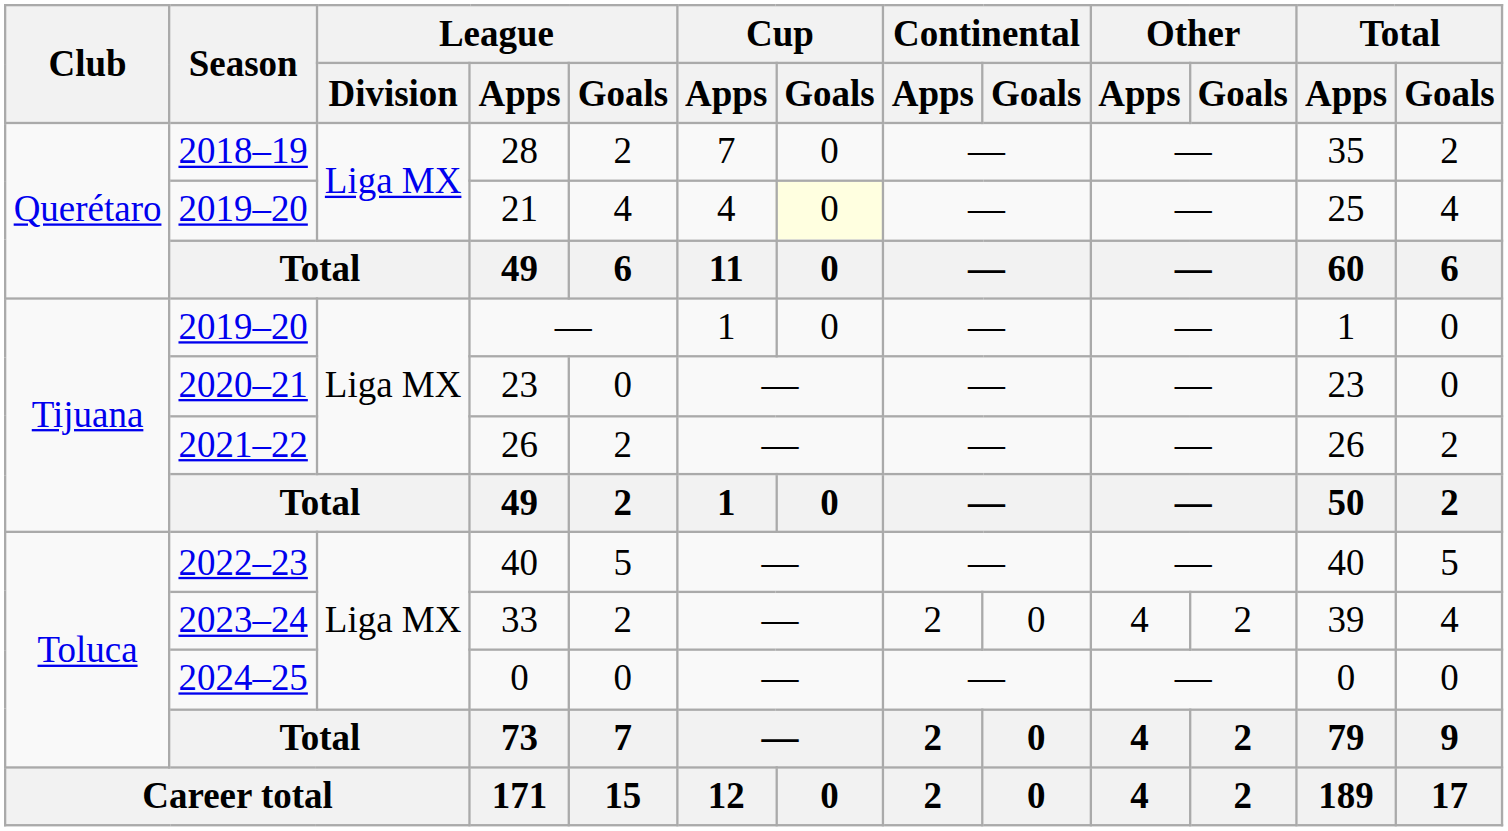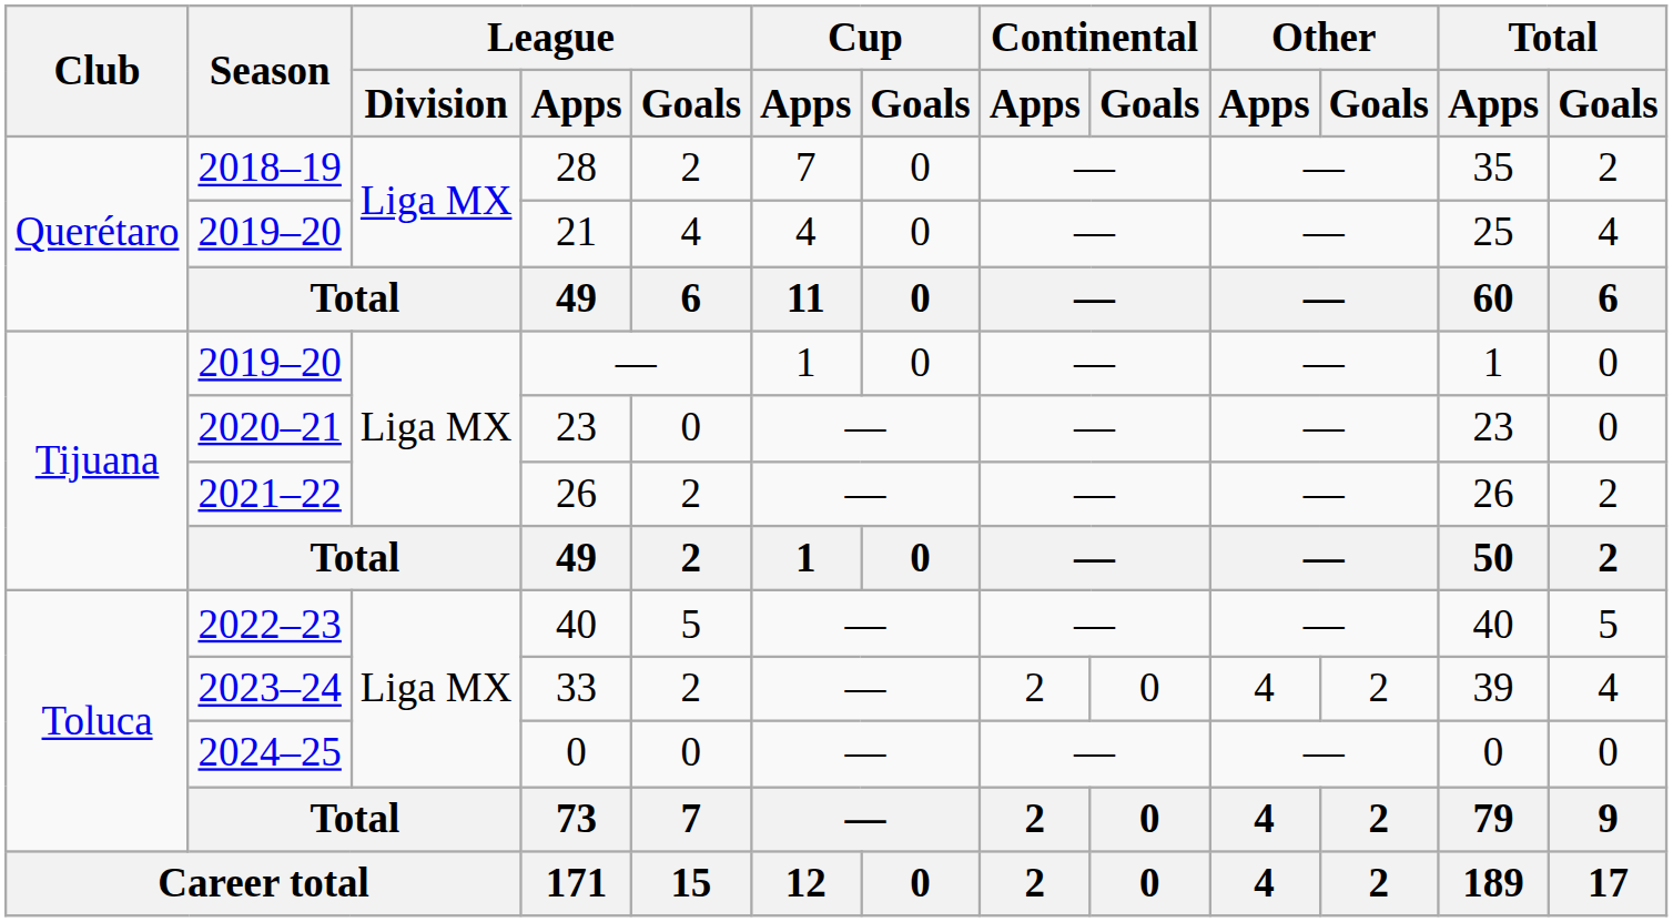 <table class="wikitable" style="text-align:center">
 <tr>
 <th rowspan="2">Club</th>
 <th rowspan="2">Season</th>
 <th colspan="3">League</th>
 <th colspan="2">Cup</th>
 <th colspan="2">Continental</th>
 <th colspan="2">Other</th>
 <th colspan="2">Total</th>
 </tr>
 <tr>
 <th>Division</th>
 <th>Apps</th>
 <th>Goals</th>
 <th>Apps</th>
 <th>Goals</th>
 <th>Apps</th>
 <th>Goals</th>
 <th>Apps</th>
 <th>Goals</th>
 <th>Apps</th>
 <th>Goals</th>
 </tr>
 <tr>
 <td rowspan="3"><a href='#'>Querétaro</a></td>
 <td><a href='#'>2018–19</a></td>
 <td rowspan="2"><a href='#'>Liga MX</a></td>
 <td>28</td>
 <td>2</td>
 <td>7</td>
 <td>0</td>
 <td colspan=2>—</td>
 <td colspan=2>—</td>
 <td>35</td>
 <td>2</td>
 </tr>
 <tr>
 <td><a href='#'>2019–20</a></td>
 <td>21</td>
 <td>4</td>
 <td>4</td>
-<td style="background: lightyellow;">0</td>
+<td>0</td>
 <td colspan=2>—</td>
 <td colspan="2">—</td>
 <td>25</td>
 <td>4</td>
 </tr>
 <tr>
 <th colspan="2">Total</th>
 <th>49</th>
 <th>6</th>
 <th>11</th>
 <th>0</th>
 <th colspan=2>—</th>
 <th colspan=2>—</th>
 <th>60</th>
 <th>6</th>
 </tr>
 <tr>
 <td rowspan="4"><a href='#'>Tijuana</a></td>
 <td><a href='#'>2019–20</a></td>
 <td rowspan="3">Liga MX</td>
 <td colspan=2>—</td>
 <td>1</td>
 <td>0</td>
 <td colspan=2>—</td>
 <td colspan=2>—</td>
 <td>1</td>
 <td>0</td>
 </tr>
 <tr>
 <td><a href='#'>2020–21</a></td>
 <td>23</td>
 <td>0</td>
 <td colspan=2>—</td>
 <td colspan=2>—</td>
 <td colspan="2">—</td>
 <td>23</td>
 <td>0</td>
 </tr>
 <tr>
 <td><a href='#'>2021–22</a></td>
 <td>26</td>
 <td>2</td>
 <td colspan=2>—</td>
 <td colspan=2>—</td>
 <td colspan="2">—</td>
 <td>26</td>
 <td>2</td>
 </tr>
 <tr>
 <th colspan="2">Total</th>
 <th>49</th>
 <th>2</th>
 <th>1</th>
 <th>0</th>
 <th colspan=2>—</th>
 <th colspan=2>—</th>
 <th>50</th>
 <th>2</th>
 </tr>
 <tr>
 <td rowspan="4"><a href='#'>Toluca</a></td>
 <td><a href='#'>2022–23</a></td>
 <td rowspan="3">Liga MX</td>
 <td>40</td>
 <td>5</td>
 <td colspan=2>—</td>
 <td colspan=2>—</td>
 <td colspan=2>—</td>
 <td>40</td>
 <td>5</td>
 </tr>
 <tr>
 <td><a href='#'>2023–24</a></td>
 <td>33</td>
 <td>2</td>
 <td colspan=2>—</td>
 <td>2</td>
 <td>0</td>
 <td>4</td>
 <td>2</td>
 <td>39</td>
 <td>4</td>
 </tr>
 <tr>
 <td><a href='#'>2024–25</a></td>
 <td>0</td>
 <td>0</td>
 <td colspan=2>—</td>
 <td colspan=2>—</td>
 <td colspan=2>—</td>
 <td>0</td>
 <td>0</td>
 </tr>
 <tr>
 <th colspan="2">Total</th>
 <th>73</th>
 <th>7</th>
 <th colspan=2>—</th>
 <th>2</th>
 <th>0</th>
 <th>4</th>
 <th>2</th>
 <th>79</th>
 <th>9</th>
 </tr>
 <tr>
 <th colspan="3">Career total</th>
 <th>171</th>
 <th>15</th>
 <th>12</th>
 <th>0</th>
 <th>2</th>
 <th>0</th>
 <th>4</th>
 <th>2</th>
 <th>189</th>
 <th>17</th>
 </tr>
 </table>
